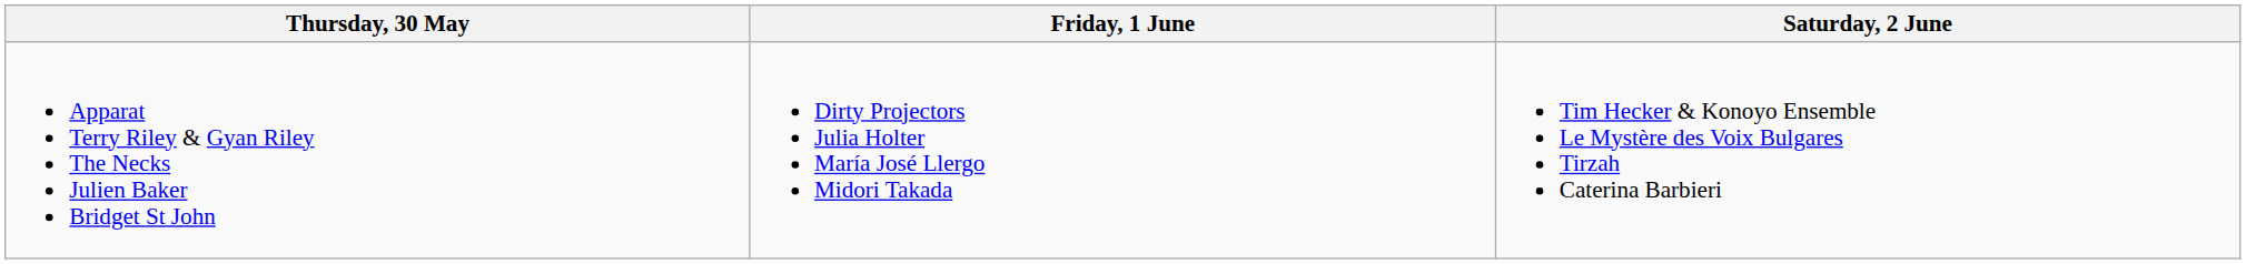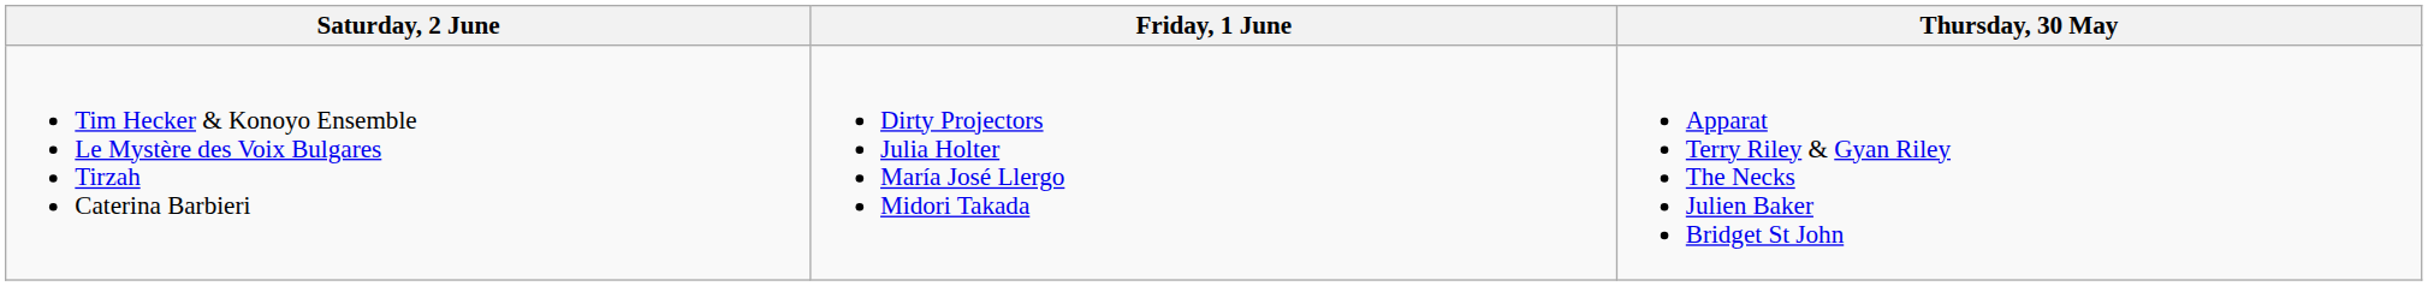 <table class="wikitable">
 <tr>
+<th width="500">Saturday, 2 June</th>
+<th width="500">Friday, 1 June</th>
 <th width="500">Thursday, 30 May</th>
-<th width="500">Friday, 1 June</th>
-<th width="500">Saturday, 2 June</th>
 </tr>
 <tr valign="top">
+<td><br><ul><li><a href='#'>Tim Hecker</a> & Konoyo Ensemble</li><li><a href='#'>Le Mystère des Voix Bulgares</a></li><li><a href='#'>Tirzah</a></li><li>Caterina Barbieri</li></ul></td>
+<td><br><ul><li><a href='#'>Dirty Projectors</a></li><li><a href='#'>Julia Holter</a></li><li><a href='#'>María José Llergo</a></li><li><a href='#'>Midori Takada</a></li></ul></td>
 <td><br><ul><li><a href='#'>Apparat</a></li><li><a href='#'>Terry Riley</a> & <a href='#'>Gyan Riley</a></li><li><a href='#'>The Necks</a></li><li><a href='#'>Julien Baker</a></li><li><a href='#'>Bridget St John</a></li></ul></td>
-<td><br><ul><li><a href='#'>Dirty Projectors</a></li><li><a href='#'>Julia Holter</a></li><li><a href='#'>María José Llergo</a></li><li><a href='#'>Midori Takada</a></li></ul></td>
-<td><br><ul><li><a href='#'>Tim Hecker</a> & Konoyo Ensemble</li><li><a href='#'>Le Mystère des Voix Bulgares</a></li><li><a href='#'>Tirzah</a></li><li>Caterina Barbieri</li></ul></td>
 </tr>
 </table>
